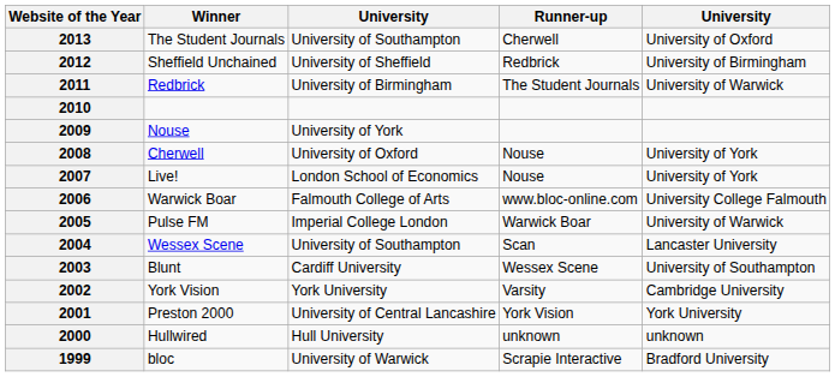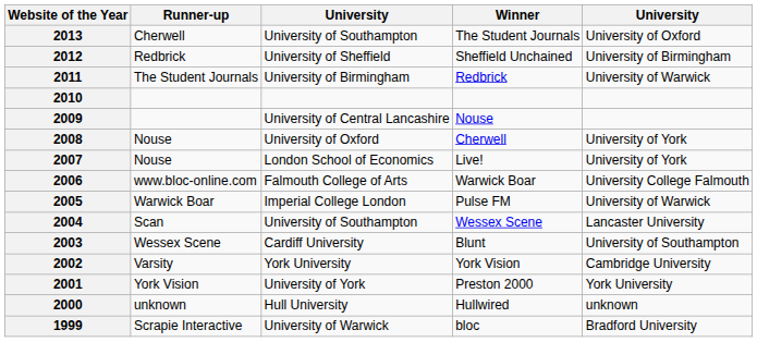 <table class="wikitable" style="font-align: center">
 <tr>
 <th>Website of the Year</th>
+<th>Runner-up</th>
+<th>University</th>
 <th>Winner</th>
-<th>University</th>
-<th>Runner-up</th>
 <th>University</th>
 </tr>
 <tr>
 <th>2013</th>
+<td>Cherwell</td>
+<td>University of Southampton</td>
 <td>The Student Journals</td>
-<td>University of Southampton</td>
-<td>Cherwell</td>
 <td>University of Oxford</td>
 </tr>
 <tr>
 <th>2012</th>
+<td>Redbrick</td>
+<td>University of Sheffield</td>
 <td>Sheffield Unchained</td>
-<td>University of Sheffield</td>
-<td>Redbrick</td>
 <td>University of Birmingham</td>
 </tr>
 <tr>
 <th>2011</th>
+<td>The Student Journals</td>
+<td>University of Birmingham</td>
 <td><a href='#'>Redbrick</a></td>
-<td>University of Birmingham</td>
-<td>The Student Journals</td>
 <td>University of Warwick</td>
 </tr>
 <tr>
 <th>2010</th>
 <td></td>
 <td></td>
 <td></td>
 <td></td>
 </tr>
 <tr>
 <th>2009</th>
+<td></td>
+<td>University of Central Lancashire</td>
 <td><a href='#'>Nouse</a></td>
-<td>University of York</td>
-<td></td>
 <td></td>
 </tr>
 <tr>
 <th>2008</th>
+<td>Nouse</td>
+<td>University of Oxford</td>
 <td><a href='#'>Cherwell</a></td>
-<td>University of Oxford</td>
-<td>Nouse</td>
 <td>University of York</td>
 </tr>
 <tr>
 <th>2007</th>
+<td>Nouse</td>
+<td>London School of Economics</td>
 <td>Live!</td>
-<td>London School of Economics</td>
-<td>Nouse</td>
 <td>University of York</td>
 </tr>
 <tr>
 <th>2006</th>
+<td>www.bloc-online.com</td>
+<td>Falmouth College of Arts</td>
 <td>Warwick Boar</td>
-<td>Falmouth College of Arts</td>
-<td>www.bloc-online.com</td>
 <td>University College Falmouth</td>
 </tr>
 <tr>
 <th>2005</th>
+<td>Warwick Boar</td>
+<td>Imperial College London</td>
 <td>Pulse FM</td>
-<td>Imperial College London</td>
-<td>Warwick Boar</td>
 <td>University of Warwick</td>
 </tr>
 <tr>
 <th>2004</th>
+<td>Scan</td>
+<td>University of Southampton</td>
 <td><a href='#'>Wessex Scene</a></td>
-<td>University of Southampton</td>
-<td>Scan</td>
 <td>Lancaster University</td>
 </tr>
 <tr>
 <th>2003</th>
+<td>Wessex Scene</td>
+<td>Cardiff University</td>
 <td>Blunt</td>
-<td>Cardiff University</td>
-<td>Wessex Scene</td>
 <td>University of Southampton</td>
 </tr>
 <tr>
 <th>2002</th>
+<td>Varsity</td>
+<td>York University</td>
 <td>York Vision</td>
-<td>York University</td>
-<td>Varsity</td>
 <td>Cambridge University</td>
 </tr>
 <tr>
 <th>2001</th>
+<td>York Vision</td>
+<td>University of York</td>
 <td>Preston 2000</td>
-<td>University of Central Lancashire</td>
-<td>York Vision</td>
 <td>York University</td>
 </tr>
 <tr>
 <th>2000</th>
+<td>unknown</td>
+<td>Hull University</td>
 <td>Hullwired</td>
-<td>Hull University</td>
-<td>unknown</td>
 <td>unknown</td>
 </tr>
 <tr>
 <th>1999</th>
+<td>Scrapie Interactive</td>
+<td>University of Warwick</td>
 <td>bloc</td>
-<td>University of Warwick</td>
-<td>Scrapie Interactive</td>
 <td>Bradford University</td>
 </tr>
 </table>
